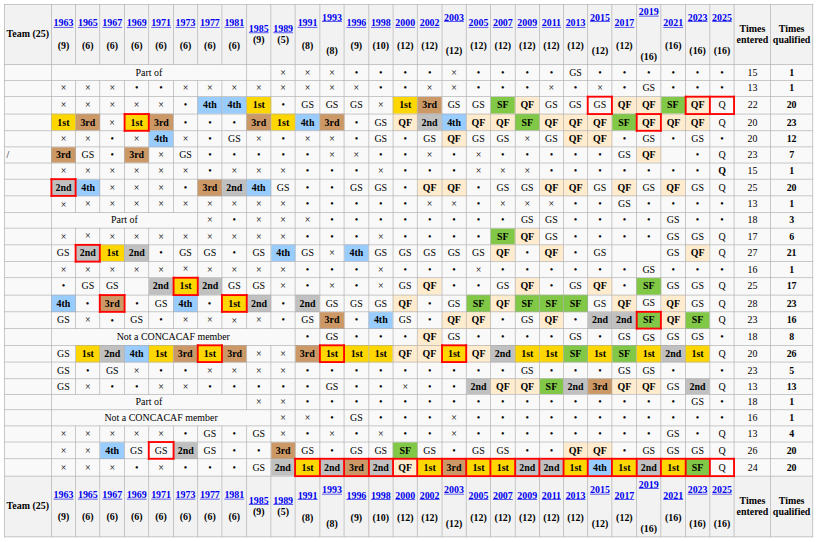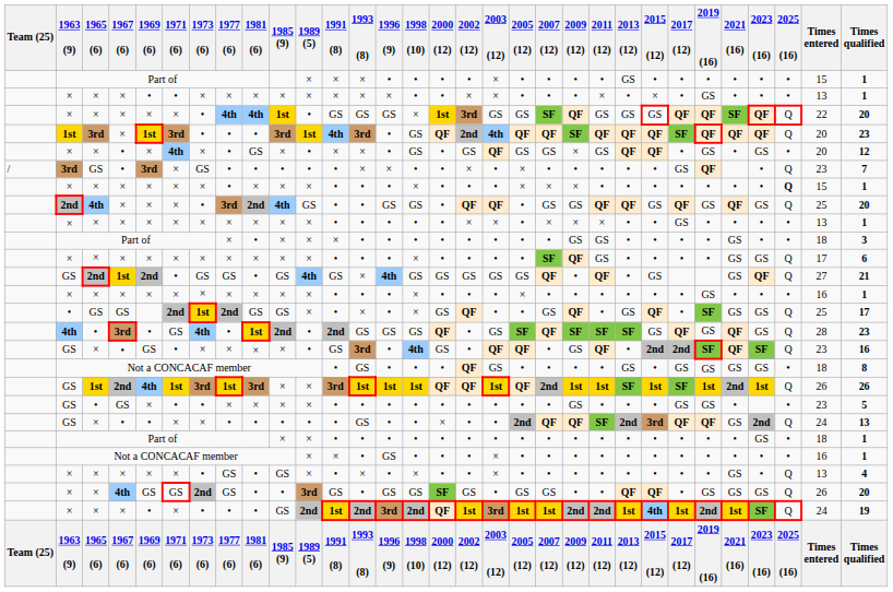 <table class="wikitable" style="text-align: center;">
 <tr>
 <th>Team (25)</th>
 <th class=unsortable><a href='#'>1963</a><br> <br> (9)</th>
 <th class=unsortable><a href='#'>1965</a><br> <br> (6)</th>
 <th class=unsortable><a href='#'>1967</a><br> <br> (6)</th>
 <th class=unsortable><a href='#'>1969</a><br> <br> (6)</th>
 <th class=unsortable><a href='#'>1971</a><br> <br> (6)</th>
 <th class=unsortable><a href='#'>1973</a><br>  <br> (6)</th>
 <th class=unsortable><a href='#'>1977</a><br> <br> (6)</th>
 <th class=unsortable><a href='#'>1981</a><br> <br> (6)</th>
 <th class=unsortable><a href='#'>1985</a><br> (9)</th>
 <th class=unsortable><a href='#'>1989</a><br> (5)</th>
 <th class="unsortable"><a href='#'>1991</a><br> <br> (8)</th>
 <th class="unsortable"><a href='#'>1993</a><br> <br>  <br> (8)</th>
 <th class="unsortable"><a href='#'>1996</a><br> <br> (9)</th>
 <th class="unsortable"><a href='#'>1998</a><br> <br> (10)</th>
 <th class="unsortable"><a href='#'>2000</a><br> <br> (12)</th>
 <th class="unsortable"><a href='#'>2002</a><br> <br> (12)</th>
 <th class="unsortable"><a href='#'>2003</a><br> <br>  <br> (12)</th>
 <th class="unsortable"><a href='#'>2005</a><br> <br> (12)</th>
 <th class="unsortable"><a href='#'>2007</a><br> <br> (12)</th>
 <th class="unsortable"><a href='#'>2009</a><br> <br> (12)</th>
 <th class="unsortable"><a href='#'>2011</a><br> <br> (12)</th>
 <th class="unsortable"><a href='#'>2013</a><br> <br> (12)</th>
 <th class="unsortable"><a href='#'>2015</a><br> <br>  <br> (12)</th>
 <th class="unsortable"><a href='#'>2017</a><br> <br> (12)</th>
 <th class="unsortable"><a href='#'>2019</a><br> <br>  <br>  <br> (16)</th>
 <th class="unsortable"><a href='#'>2021</a><br> <br> (16)</th>
 <th class="unsortable"><a href='#'>2023</a><br> <br> <br> (16)</th>
 <th class="unsortable"><a href='#'>2025</a><br> <br> <br> (16)</th>
 <th>Times<br>entered</th>
 <th>Times<br>qualified</th>
 </tr>
 <tr>
 <td align=left></td>
 <td colspan=8>Part of </td>
 <td></td>
 <td>×</td>
 <td>×</td>
 <td>×</td>
 <td>•</td>
 <td>•</td>
 <td>•</td>
 <td>•</td>
 <td>×</td>
 <td>•</td>
 <td>•</td>
 <td>•</td>
 <td>•</td>
 <td>GS</td>
 <td>•</td>
 <td>•</td>
 <td>•</td>
 <td>•</td>
 <td>•</td>
 <td>•</td>
 <td>15</td>
 <td><strong>1</strong></td>
 </tr>
 <tr>
 <td align=left></td>
 <td>×</td>
 <td>×</td>
 <td>×</td>
 <td>•</td>
 <td>•</td>
 <td>×</td>
 <td>×</td>
 <td>×</td>
 <td>×</td>
 <td>×</td>
 <td>×</td>
 <td>×</td>
 <td>×</td>
 <td>•</td>
 <td>•</td>
 <td>×</td>
 <td>×</td>
 <td>•</td>
 <td>•</td>
 <td>•</td>
 <td>×</td>
 <td>•</td>
 <td>×</td>
 <td>•</td>
 <td>GS</td>
 <td>•</td>
 <td>•</td>
 <td>•</td>
 <td>13</td>
 <td><strong>1</strong></td>
 </tr>
 <tr>
 <td align=left></td>
 <td>×</td>
 <td>×</td>
 <td>×</td>
 <td>×</td>
 <td>×</td>
 <td>•</td>
 <td style="background:#9acdff"><strong>4th</strong></td>
 <td style="background:#9acdff"><strong>4th</strong></td>
 <td style="background:gold"><strong>1st</strong></td>
 <td>•</td>
 <td>GS</td>
 <td>GS</td>
 <td>GS</td>
 <td>×</td>
 <td style="background:gold"><strong>1st</strong></td>
 <td style="background:#cc9966"><strong>3rd</strong></td>
 <td>GS</td>
 <td>GS</td>
 <td style="background:#81c846"><strong>SF</strong></td>
 <td style="background:#ffebcd"><strong>QF</strong></td>
 <td>GS</td>
 <td>GS</td>
 <td style="border:3px solid red">GS</td>
 <td style="background:#ffebcd"><strong>QF</strong></td>
 <td style="background:#ffebcd"><strong>QF</strong></td>
 <td style="background:#81c846"><strong>SF</strong></td>
 <td style="border:3px solid red; background:#ffebcd"><strong>QF</strong></td>
 <td style="border:3px solid red;">Q</td>
 <td>22</td>
 <td><strong>20</strong></td>
 </tr>
 <tr>
 <td align=left></td>
 <td style="background:gold"><strong>1st</strong></td>
 <td style="background:#cc9966"><strong>3rd</strong></td>
 <td>×</td>
 <td style="border:3px solid red; background:gold"><strong>1st</strong></td>
 <td style="background:#cc9966"><strong>3rd</strong></td>
 <td>•</td>
 <td>•</td>
 <td>•</td>
 <td style="background:#cc9966"><strong>3rd</strong></td>
 <td style="background:gold"><strong>1st</strong></td>
 <td style="background:#9acdff"><strong>4th</strong></td>
 <td style="background:#cc9966"><strong>3rd</strong></td>
 <td>•</td>
 <td>GS</td>
 <td style="background:#ffebcd"><strong>QF</strong></td>
 <td style="background:silver"><strong>2nd</strong></td>
 <td style="background:#9acdff"><strong>4th</strong></td>
 <td style="background:#ffebcd"><strong>QF</strong></td>
 <td style="background:#ffebcd"><strong>QF</strong></td>
 <td style="background:#81c846"><strong>SF</strong></td>
 <td style="background:#ffebcd"><strong>QF</strong></td>
 <td style="background:#ffebcd"><strong>QF</strong></td>
 <td style="background:#ffebcd"><strong>QF</strong></td>
 <td style="background:#81c846"><strong>SF</strong></td>
 <td style="border:3px solid red; background:#ffebcd"><strong>QF</strong></td>
 <td style="background:#ffebcd"><strong>QF</strong></td>
 <td style="background:#ffebcd"><strong>QF</strong></td>
 <td>Q</td>
 <td>20</td>
 <td><strong>23</strong></td>
 </tr>
 <tr>
 <td align=left></td>
 <td>×</td>
 <td>×</td>
 <td>•</td>
 <td>×</td>
 <td style="background:#9acdff"><strong>4th</strong></td>
 <td>×</td>
 <td>•</td>
 <td>GS</td>
 <td>×</td>
 <td>•</td>
 <td>×</td>
 <td>×</td>
 <td>•</td>
 <td>GS</td>
 <td>•</td>
 <td>GS</td>
 <td style="background:#ffebcd"><strong>QF</strong></td>
 <td>GS</td>
 <td>GS</td>
 <td>×</td>
 <td>GS</td>
 <td style="background:#ffebcd"><strong>QF</strong></td>
 <td style="background:#ffebcd"><strong>QF</strong></td>
 <td>•</td>
 <td>GS</td>
 <td>•</td>
 <td>GS</td>
 <td>•</td>
 <td>20</td>
 <td><strong>12</strong></td>
 </tr>
 <tr>
 <td align=left>/</td>
 <td style="background:#cc9966"><strong>3rd</strong></td>
 <td>GS</td>
 <td>•</td>
 <td style="background:#cc9966"><strong>3rd</strong></td>
 <td>×</td>
 <td>GS</td>
 <td>•</td>
 <td>•</td>
 <td>•</td>
 <td>•</td>
 <td>•</td>
 <td>×</td>
 <td>×</td>
 <td>•</td>
 <td>•</td>
 <td>×</td>
 <td>•</td>
 <td>×</td>
 <td>•</td>
 <td>•</td>
 <td>•</td>
 <td>•</td>
 <td>•</td>
 <td>GS</td>
 <td style="background:#ffebcd"><strong>QF</strong></td>
 <td></td>
 <td>•</td>
 <td>Q</td>
 <td>23</td>
 <td><strong>7</strong></td>
 </tr>
 <tr>
 <td align=left></td>
 <td>×</td>
 <td>×</td>
 <td>×</td>
 <td>×</td>
 <td>×</td>
 <td>×</td>
 <td>•</td>
 <td>×</td>
 <td>×</td>
 <td>×</td>
 <td>•</td>
 <td>•</td>
 <td>•</td>
 <td>×</td>
 <td>•</td>
 <td>•</td>
 <td>•</td>
 <td>×</td>
 <td>×</td>
 <td>×</td>
 <td>•</td>
 <td>•</td>
 <td>•</td>
 <td>•</td>
 <td>•</td>
 <td>•</td>
 <td>•</td>
 <td><strong>Q</strong></td>
 <td>15</td>
 <td><strong>1</strong></td>
 </tr>
 <tr>
 <td align=left></td>
 <td style="border:3px solid red; background:silver"><strong>2nd</strong></td>
 <td style="background:#9acdff"><strong>4th</strong></td>
 <td>×</td>
 <td>×</td>
 <td>×</td>
 <td>•</td>
 <td style="background:#cc9966"><strong>3rd</strong></td>
 <td style="background:silver"><strong>2nd</strong></td>
 <td style="background:#9acdff"><strong>4th</strong></td>
 <td>GS</td>
 <td>•</td>
 <td>•</td>
 <td>GS</td>
 <td>GS</td>
 <td>•</td>
 <td style="background:#ffebcd"><strong>QF</strong></td>
 <td style="background:#ffebcd"><strong>QF</strong></td>
 <td>•</td>
 <td>GS</td>
 <td>GS</td>
 <td style="background:#ffebcd"><strong>QF</strong></td>
 <td style="background:#ffebcd"><strong>QF</strong></td>
 <td>GS</td>
 <td style="background:#ffebcd"><strong>QF</strong></td>
 <td>GS</td>
 <td style="background:#ffebcd"><strong>QF</strong></td>
 <td>GS</td>
 <td>Q</td>
 <td>25</td>
 <td><strong>20</strong></td>
 </tr>
 <tr>
 <td align=left></td>
 <td>×</td>
 <td>×</td>
 <td>×</td>
 <td>×</td>
 <td>×</td>
 <td>×</td>
 <td>×</td>
 <td>×</td>
 <td>×</td>
 <td>×</td>
 <td>•</td>
 <td>•</td>
 <td>•</td>
 <td>•</td>
 <td>•</td>
 <td>×</td>
 <td>×</td>
 <td>•</td>
 <td>×</td>
 <td>×</td>
 <td>×</td>
 <td>•</td>
 <td>•</td>
 <td>GS</td>
 <td>•</td>
 <td>•</td>
 <td>•</td>
 <td>•</td>
 <td>13</td>
 <td><strong>1</strong></td>
 </tr>
 <tr>
 <td align=left></td>
 <td colspan=6>Part of </td>
 <td>×</td>
 <td>•</td>
 <td>×</td>
 <td>×</td>
 <td>×</td>
 <td>•</td>
 <td>•</td>
 <td>•</td>
 <td>•</td>
 <td>•</td>
 <td>•</td>
 <td>•</td>
 <td>•</td>
 <td>GS</td>
 <td>GS</td>
 <td>•</td>
 <td>•</td>
 <td>•</td>
 <td>•</td>
 <td>GS</td>
 <td>•</td>
 <td>•</td>
 <td>18</td>
 <td><strong>3</strong></td>
 </tr>
 <tr>
 <td align=left></td>
 <td>×</td>
 <td>×</td>
 <td>×</td>
 <td>×</td>
 <td>×</td>
 <td>×</td>
 <td>×</td>
 <td>×</td>
 <td>×</td>
 <td>×</td>
 <td>•</td>
 <td>•</td>
 <td>•</td>
 <td>×</td>
 <td>•</td>
 <td>•</td>
 <td>•</td>
 <td>•</td>
 <td style="background:#81c846"><strong>SF</strong></td>
 <td style="background:#ffebcd"><strong>QF</strong></td>
 <td>GS</td>
 <td>•</td>
 <td>•</td>
 <td>•</td>
 <td>•</td>
 <td>GS</td>
 <td>GS</td>
 <td>Q</td>
 <td>17</td>
 <td><strong>6</strong></td>
 </tr>
 <tr>
 <td align=left></td>
 <td>GS</td>
 <td style="border:3px solid red; background:silver"><strong>2nd</strong></td>
 <td style="background:gold"><strong>1st</strong></td>
 <td style="background:silver"><strong>2nd</strong></td>
 <td>•</td>
 <td>GS</td>
 <td>GS</td>
 <td>•</td>
 <td>GS</td>
 <td style="background:#9acdff"><strong>4th</strong></td>
 <td>GS</td>
 <td>×</td>
 <td style="background:#9acdff"><strong>4th</strong></td>
 <td>GS</td>
 <td>GS</td>
 <td>GS</td>
 <td>GS</td>
 <td>GS</td>
 <td style="background:#ffebcd"><strong>QF</strong></td>
 <td>•</td>
 <td style="background:#ffebcd"><strong>QF</strong></td>
 <td>•</td>
 <td>GS</td>
 <td></td>
 <td></td>
 <td>GS</td>
 <td style="background:#ffebcd"><strong>QF</strong></td>
 <td>Q</td>
 <td>27</td>
 <td><strong>21</strong></td>
 </tr>
 <tr>
 <td align=left></td>
 <td>×</td>
 <td>×</td>
 <td>×</td>
 <td>×</td>
 <td>×</td>
 <td>×</td>
 <td>×</td>
 <td>×</td>
 <td>×</td>
 <td>×</td>
 <td>•</td>
 <td>•</td>
 <td>•</td>
 <td>×</td>
 <td>•</td>
 <td>•</td>
 <td>•</td>
 <td>×</td>
 <td>•</td>
 <td>•</td>
 <td>•</td>
 <td>•</td>
 <td>•</td>
 <td>•</td>
 <td>GS</td>
 <td>•</td>
 <td>•</td>
 <td>•</td>
 <td>16</td>
 <td><strong>1</strong></td>
 </tr>
 <tr>
 <td align=left></td>
 <td>•</td>
 <td>GS</td>
 <td>GS</td>
 <td></td>
 <td style="background:silver"><strong>2nd</strong></td>
 <td style="border:3px solid red; background:gold"><strong>1st</strong></td>
 <td style="background:silver"><strong>2nd</strong></td>
 <td>GS</td>
 <td>GS</td>
 <td>×</td>
 <td>•</td>
 <td>×</td>
 <td>•</td>
 <td>×</td>
 <td>GS</td>
 <td style="background:#ffebcd"><strong>QF</strong></td>
 <td>•</td>
 <td>•</td>
 <td>GS</td>
 <td style="background:#ffebcd"><strong>QF</strong></td>
 <td>•</td>
 <td>GS</td>
 <td style="background:#ffebcd"><strong>QF</strong></td>
 <td>•</td>
 <td style="background:#81c846"><strong>SF</strong></td>
 <td>GS</td>
 <td>GS</td>
 <td>Q</td>
 <td>25</td>
 <td><strong>17</strong></td>
 </tr>
 <tr>
 <td align=left></td>
 <td style="background:#9acdff"><strong>4th</strong></td>
 <td>•</td>
 <td style="border:3px solid red; background:#cc9966"><strong>3rd</strong></td>
 <td>•</td>
 <td>GS</td>
 <td style="background:#9acdff"><strong>4th</strong></td>
 <td>•</td>
 <td style="border:3px solid red; background:gold"><strong>1st</strong></td>
 <td style="background:silver"><strong>2nd</strong></td>
 <td>•</td>
 <td style="background:silver"><strong>2nd</strong></td>
 <td>GS</td>
 <td>GS</td>
 <td>GS</td>
 <td style="background:#ffebcd"><strong>QF</strong></td>
 <td>•</td>
 <td>GS</td>
 <td style="background:#81c846"><strong>SF</strong></td>
 <td style="background:#ffebcd"><strong>QF</strong></td>
 <td style="background:#81c846"><strong>SF</strong></td>
 <td style="background:#81c846"><strong>SF</strong></td>
 <td style="background:#81c846"><strong>SF</strong></td>
 <td>GS</td>
 <td style="background:#ffebcd"><strong>QF</strong></td>
 <td>GS</td>
 <td style="background:#ffebcd"><strong>QF</strong></td>
 <td>GS</td>
 <td>Q</td>
 <td>28</td>
 <td><strong>23</strong></td>
 </tr>
 <tr>
 <td align=left></td>
 <td>GS</td>
 <td>×</td>
 <td>•</td>
 <td>GS</td>
 <td>•</td>
 <td>×</td>
 <td>×</td>
 <td>×</td>
 <td>×</td>
 <td>•</td>
 <td>GS</td>
 <td style="background:#cc9966"><strong>3rd</strong></td>
 <td>•</td>
 <td style="background:#9acdff"><strong>4th</strong></td>
 <td>GS</td>
 <td>•</td>
 <td style="background:#ffebcd"><strong>QF</strong></td>
 <td style="background:#ffebcd"><strong>QF</strong></td>
 <td>•</td>
 <td>GS</td>
 <td style="background:#ffebcd"><strong>QF</strong></td>
 <td>•</td>
 <td style="background:silver"><strong>2nd</strong></td>
 <td style="background:silver"><strong>2nd</strong></td>
 <td style="border:3px solid red; background:#81c846"><strong>SF</strong></td>
 <td style="background:#ffebcd"><strong>QF</strong></td>
 <td style="background:#81c846"><strong>SF</strong></td>
 <td>Q</td>
 <td>23</td>
 <td><strong>16</strong></td>
 </tr>
 <tr>
 <td align=left></td>
 <td colspan=10>Not a CONCACAF member</td>
 <td>•</td>
 <td>GS</td>
 <td>•</td>
 <td>•</td>
 <td>•</td>
 <td style="background:#ffebcd"><strong>QF</strong></td>
 <td>GS</td>
 <td>•</td>
 <td>•</td>
 <td>•</td>
 <td>•</td>
 <td>GS</td>
 <td>•</td>
 <td>GS</td>
 <td>GS</td>
 <td>GS</td>
 <td>GS</td>
 <td>•</td>
 <td>18</td>
 <td><strong>8</strong></td>
 </tr>
 <tr>
 <td align=left></td>
 <td>GS</td>
 <td style="background:gold"><strong>1st</strong></td>
 <td style="background:silver"><strong>2nd</strong></td>
 <td style="background:#9acdff"><strong>4th</strong></td>
 <td style="background:gold"><strong>1st</strong></td>
 <td style="background:#cc9966"><strong>3rd</strong></td>
 <td style="border:3px solid red; background:gold"><strong>1st</strong></td>
 <td style="background:#cc9966"><strong>3rd</strong></td>
 <td>×</td>
 <td>×</td>
 <td style="background:#cc9966"><strong>3rd</strong></td>
 <td style="border:3px solid red; background:gold"><strong>1st</strong></td>
 <td style="background:gold"><strong>1st</strong></td>
 <td style="background:gold"><strong>1st</strong></td>
 <td style="background:#ffebcd"><strong>QF</strong></td>
 <td style="background:#ffebcd"><strong>QF</strong></td>
 <td style="border:3px solid red; background:gold"><strong>1st</strong></td>
 <td style="background:#ffebcd"><strong>QF</strong></td>
 <td style="background:silver"><strong>2nd</strong></td>
 <td style="background:gold"><strong>1st</strong></td>
 <td style="background:gold"><strong>1st</strong></td>
 <td style="background:#81c846"><strong>SF</strong></td>
 <td style="background:gold"><strong>1st</strong></td>
 <td style="background:#81c846"><strong>SF</strong></td>
 <td style="background:gold"><strong>1st</strong></td>
 <td style="background:silver"><strong>2nd</strong></td>
 <td style="background:gold"><strong>1st</strong></td>
 <td>Q</td>
-<td>20</td>
+<td>26</td>
 <td><strong>26</strong></td>
 </tr>
 <tr>
 <td align=left></td>
 <td>GS</td>
 <td>•</td>
 <td>GS</td>
 <td>×</td>
 <td>•</td>
 <td>•</td>
 <td>×</td>
 <td>×</td>
 <td>×</td>
 <td>×</td>
 <td>•</td>
 <td>•</td>
 <td>•</td>
 <td>•</td>
 <td>•</td>
 <td>•</td>
 <td>•</td>
 <td>•</td>
 <td>•</td>
 <td>GS</td>
 <td>•</td>
 <td>•</td>
 <td>•</td>
 <td>GS</td>
 <td>GS</td>
 <td>•</td>
 <td></td>
 <td>•</td>
 <td>23</td>
 <td><strong>5</strong></td>
 </tr>
 <tr>
 <td align=left></td>
 <td>GS</td>
 <td>×</td>
 <td>•</td>
 <td>•</td>
 <td>×</td>
 <td>×</td>
 <td>•</td>
 <td>•</td>
 <td>•</td>
 <td>•</td>
 <td>•</td>
 <td>GS</td>
 <td>•</td>
 <td>•</td>
 <td>×</td>
 <td>•</td>
 <td>•</td>
 <td style="background:silver"><strong>2nd</strong></td>
 <td style="background:#ffebcd"><strong>QF</strong></td>
 <td style="background:#ffebcd"><strong>QF</strong></td>
 <td style="background:#81c846"><strong>SF</strong></td>
 <td style="background:silver"><strong>2nd</strong></td>
 <td style="background:#cc9966"><strong>3rd</strong></td>
 <td style="background:#ffebcd"><strong>QF</strong></td>
 <td style="background:#ffebcd"><strong>QF</strong></td>
 <td>GS</td>
 <td style="background:silver"><strong>2nd</strong></td>
 <td>Q</td>
-<td>13</td>
+<td>24</td>
 <td><strong>13</strong></td>
 </tr>
 <tr>
 <td align=left></td>
 <td colspan=8>Part of </td>
 <td>×</td>
 <td>×</td>
 <td>•</td>
 <td>•</td>
 <td>•</td>
 <td>•</td>
 <td>•</td>
 <td>•</td>
 <td>•</td>
 <td>•</td>
 <td>•</td>
 <td>•</td>
 <td>•</td>
 <td>•</td>
 <td>•</td>
 <td>•</td>
 <td>•</td>
 <td>•</td>
 <td>GS</td>
 <td>•</td>
 <td>18</td>
 <td><strong>1</strong></td>
 </tr>
 <tr>
 <td align=left></td>
 <td colspan=9>Not a CONCACAF member</td>
 <td>×</td>
 <td>×</td>
 <td>•</td>
 <td>GS</td>
 <td>•</td>
 <td>•</td>
 <td>•</td>
 <td>×</td>
 <td>•</td>
 <td>•</td>
 <td>•</td>
 <td>•</td>
 <td>•</td>
 <td>•</td>
 <td>•</td>
 <td>•</td>
 <td>•</td>
 <td>•</td>
 <td>•</td>
 <td>16</td>
 <td><strong>1</strong></td>
 </tr>
 <tr>
 <td align=left></td>
 <td>×</td>
 <td>×</td>
 <td>×</td>
 <td>×</td>
 <td>×</td>
 <td>•</td>
 <td>GS</td>
 <td>•</td>
 <td>GS</td>
 <td>×</td>
 <td>•</td>
 <td>×</td>
 <td>•</td>
 <td>×</td>
 <td>•</td>
 <td>•</td>
 <td>×</td>
 <td>•</td>
 <td>•</td>
 <td>•</td>
 <td>•</td>
 <td>•</td>
 <td>•</td>
 <td>•</td>
 <td>•</td>
 <td>GS</td>
 <td>•</td>
 <td>Q</td>
 <td>13</td>
 <td><strong>4</strong></td>
 </tr>
 <tr>
 <td align=left></td>
 <td>×</td>
 <td>×</td>
 <td style="background:#9acdff"><strong>4th</strong></td>
 <td>GS</td>
 <td style="border:3px solid red">GS</td>
 <td style="background:silver"><strong>2nd</strong></td>
 <td>GS</td>
 <td>•</td>
 <td>•</td>
 <td style="background:#cc9966"><strong>3rd</strong></td>
 <td>GS</td>
 <td>•</td>
 <td>GS</td>
 <td>GS</td>
 <td style="background:#81c846"><strong>SF</strong></td>
 <td>GS</td>
 <td>•</td>
 <td>GS</td>
 <td>GS</td>
 <td>•</td>
 <td>•</td>
 <td style="background:#ffebcd"><strong>QF</strong></td>
 <td style="background:#ffebcd"><strong>QF</strong></td>
 <td>•</td>
 <td>GS</td>
 <td>GS</td>
 <td>GS</td>
 <td>Q</td>
 <td>26</td>
 <td><strong>20</strong></td>
 </tr>
 <tr>
 <td align=left></td>
 <td>×</td>
 <td>×</td>
 <td>×</td>
 <td>•</td>
 <td>×</td>
 <td>•</td>
 <td>•</td>
 <td>•</td>
 <td>GS</td>
 <td style="background:silver"><strong>2nd</strong></td>
 <td style="border:3px solid red; background:gold"><strong>1st</strong></td>
 <td style="border:3px solid red; background:silver"><strong>2nd</strong></td>
 <td style="border:3px solid red; background:#cc9966"><strong>3rd</strong></td>
 <td style="border:3px solid red; background:silver"><strong>2nd</strong></td>
 <td style="border:3px solid red; background:#ffebcd"><strong>QF</strong></td>
 <td style="border:3px solid red; background:gold"><strong>1st</strong></td>
 <td style="border:3px solid red; background:#cc9966"><strong>3rd</strong></td>
 <td style="border:3px solid red; background:gold"><strong>1st</strong></td>
 <td style="border:3px solid red; background:gold"><strong>1st</strong></td>
 <td style="border:3px solid red; background:silver"><strong>2nd</strong></td>
 <td style="border:3px solid red; background:silver"><strong>2nd</strong></td>
 <td style="border:3px solid red; background:gold"><strong>1st</strong></td>
 <td style="border:3px solid red; background:#9acdff"><strong>4th</strong></td>
 <td style="border:3px solid red; background:gold"><strong>1st</strong></td>
 <td style="border:3px solid red; background:silver"><strong>2nd</strong></td>
 <td style="border:3px solid red; background:gold"><strong>1st</strong></td>
 <td style="border:3px solid red; background:#81c846"><strong>SF</strong></td>
 <td style="border:3px solid red;">Q</td>
 <td>24</td>
-<td><strong>20</strong></td>
+<td><strong>19</strong></td>
 </tr>
 <tr>
 <th>Team (25)</th>
 <th><a href='#'>1963</a><br> <br> (9)</th>
 <th><a href='#'>1965</a><br> <br> (6)</th>
 <th><a href='#'>1967</a><br> <br> (6)</th>
 <th><a href='#'>1969</a><br> <br> (6)</th>
 <th><a href='#'>1971</a><br> <br> (6)</th>
 <th><a href='#'>1973</a><br>  <br> (6)</th>
 <th><a href='#'>1977</a><br> <br> (6)</th>
 <th><a href='#'>1981</a><br> <br> (6)</th>
 <th><a href='#'>1985</a><br> (9)</th>
 <th><a href='#'>1989</a><br> (5)</th>
 <th><a href='#'>1991</a><br> <br> (8)</th>
 <th><a href='#'>1993</a><br> <br>  <br> (8)</th>
 <th><a href='#'>1996</a><br> <br> (9)</th>
 <th><a href='#'>1998</a><br> <br> (10)</th>
 <th><a href='#'>2000</a><br> <br> (12)</th>
 <th><a href='#'>2002</a><br> <br> (12)</th>
 <th><a href='#'>2003</a><br> <br>  <br> (12)</th>
 <th><a href='#'>2005</a><br> <br> (12)</th>
 <th><a href='#'>2007</a><br> <br> (12)</th>
 <th><a href='#'>2009</a><br> <br> (12)</th>
 <th><a href='#'>2011</a><br> <br> (12)</th>
 <th><a href='#'>2013</a><br> <br> (12)</th>
 <th><a href='#'>2015</a><br> <br>  <br> (12)</th>
 <th><a href='#'>2017</a><br> <br> (12)</th>
 <th><a href='#'>2019</a><br> <br>  <br>  <br> (16)</th>
 <th><a href='#'>2021</a><br> <br> (16)</th>
 <th><a href='#'>2023</a><br> <br> <br> (16)</th>
 <th><a href='#'>2025</a><br> <br> <br> (16)</th>
 <th>Times<br>entered</th>
 <th>Times<br>qualified</th>
 </tr>
 </table>
